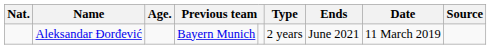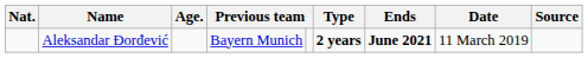 <table class="wikitable sortable">
 <tr>
 <th>Nat.</th>
 <th>Name</th>
 <th>Age.</th>
 <th colspan=2>Previous team</th>
 <th>Type</th>
 <th>Ends</th>
 <th>Date</th>
 <th>Source</th>
 </tr>
 <tr>
 <td style="text-align:center"></td>
 <td><a href='#'>Aleksandar Đorđević</a></td>
 <td style="text-align:center"></td>
 <td><a href='#'>Bayern Munich</a></td>
 <td style="text-align:center"></td>
-<td style="text-align:center">2 years</td>
-<td style="text-align:center">June 2021</td>
+<td style="text-align:center"><strong>2 years</strong></td>
+<td style="text-align:center"><strong>June 2021</strong></td>
 <td style="text-align:center">11 March 2019</td>
 <td style="text-align:center"></td>
 </tr>
 </table>
